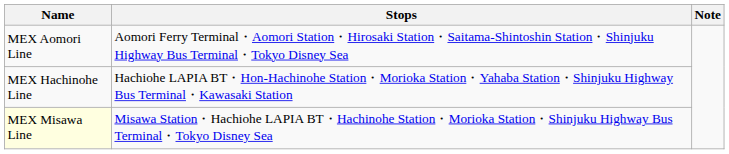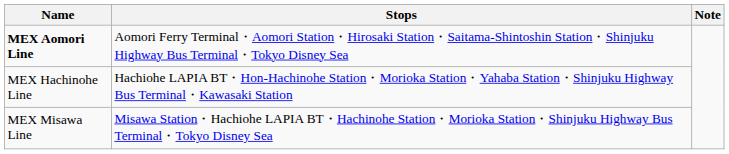 <table class="wikitable">
 <tr>
 <th>Name</th>
 <th>Stops</th>
 <th>Note</th>
 </tr>
 <tr>
-<td>MEX Aomori Line</td>
+<td><strong>MEX Aomori Line</strong></td>
 <td>Aomori Ferry Terminal・<a href='#'>Aomori Station</a>・<a href='#'>Hirosaki Station</a>・<a href='#'>Saitama-Shintoshin Station</a>・<a href='#'>Shinjuku Highway Bus Terminal</a>・<a href='#'>Tokyo Disney Sea</a></td>
 </tr>
 <tr>
 <td>MEX Hachinohe Line</td>
 <td>Hachiohe LAPIA BT・<a href='#'>Hon-Hachinohe Station</a>・<a href='#'>Morioka Station</a>・<a href='#'>Yahaba Station</a>・<a href='#'>Shinjuku Highway Bus Terminal</a>・<a href='#'>Kawasaki Station</a></td>
 </tr>
 <tr>
-<td style="background: lightyellow;">MEX Misawa Line</td>
+<td>MEX Misawa Line</td>
 <td><a href='#'>Misawa Station</a>・Hachiohe LAPIA BT・<a href='#'>Hachinohe Station</a>・<a href='#'>Morioka Station</a>・<a href='#'>Shinjuku Highway Bus Terminal</a>・<a href='#'>Tokyo Disney Sea</a></td>
 </tr>
 </table>
